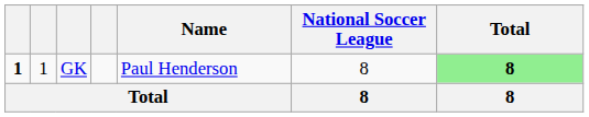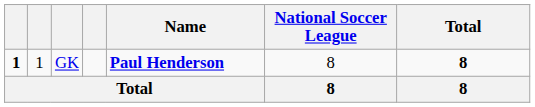 <table class="wikitable" style="text-align:center">
 <tr>
 <th width=15></th>
 <th width=15></th>
 <th width=15></th>
 <th width=15></th>
 <th width=145>Name</th>
 <th width=120><a href='#'>National Soccer League</a></th>
 <th width=120>Total</th>
 </tr>
 <tr>
 <td><strong>1</strong></td>
 <td>1</td>
 <td><a href='#'>GK</a></td>
 <td></td>
-<td align=left><a href='#'>Paul Henderson</a></td>
+<td align=left><strong><a href='#'>Paul Henderson</a></strong></td>
 <td>8</td>
-<td style="background: lightgreen;"><strong>8</strong></td>
+<td><strong>8</strong></td>
 </tr>
 <tr>
 <th colspan="5"><strong>Total</strong></th>
 <th>8</th>
 <th>8</th>
 </tr>
 </table>
